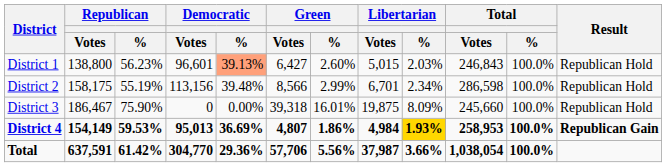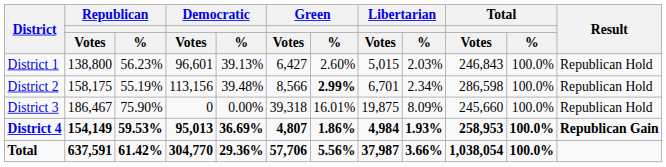 <table class="wikitable plainrowheaders sortable" style="font-size:100%; text-align:right;">
 <tr>
 <th scope=col rowspan=3><a href='#'>District</a></th>
 <th scope=col colspan=2><a href='#'>Republican</a></th>
 <th scope=col colspan=2><a href='#'>Democratic</a></th>
 <th scope=col colspan=2><a href='#'>Green</a></th>
 <th scope=col colspan=2><a href='#'>Libertarian</a></th>
 <th scope=col colspan=2>Total</th>
 <th scope=col rowspan=3>Result</th>
 </tr>
 <tr>
 <th scope=col colspan=2 style="background:"></th>
 <th scope=col colspan=2 style="background:"></th>
 <th scope=col colspan=2 style="background:"></th>
 <th scope=col colspan=2 style="background:"></th>
 <th scope=col colspan=2></th>
 </tr>
 <tr>
 <th scope=col data-sort-type="number">Votes</th>
 <th scope=col data-sort-type="number">%</th>
 <th scope=col data-sort-type="number">Votes</th>
 <th scope=col data-sort-type="number">%</th>
 <th scope=col data-sort-type="number">Votes</th>
 <th scope=col data-sort-type="number">%</th>
 <th scope=col data-sort-type="number">Votes</th>
 <th scope=col data-sort-type="number">%</th>
 <th scope=col data-sort-type="number">Votes</th>
 <th scope=col data-sort-type="number">%</th>
 </tr>
 <tr>
 <td align=left><a href='#'>District 1</a></td>
 <td>138,800</td>
 <td>56.23%</td>
 <td>96,601</td>
-<td style="background: lightsalmon;">39.13%</td>
+<td>39.13%</td>
 <td>6,427</td>
 <td>2.60%</td>
 <td>5,015</td>
 <td>2.03%</td>
 <td>246,843</td>
 <td>100.0%</td>
 <td align=left>Republican Hold</td>
 </tr>
 <tr>
 <td align=left><a href='#'>District 2</a></td>
 <td>158,175</td>
 <td>55.19%</td>
 <td>113,156</td>
 <td>39.48%</td>
 <td>8,566</td>
-<td>2.99%</td>
+<td><strong>2.99%</strong></td>
 <td>6,701</td>
 <td>2.34%</td>
 <td>286,598</td>
 <td>100.0%</td>
 <td align=left>Republican Hold</td>
 </tr>
 <tr>
 <td align=left><a href='#'>District 3</a></td>
 <td>186,467</td>
 <td>75.90%</td>
 <td>0</td>
 <td>0.00%</td>
 <td>39,318</td>
 <td>16.01%</td>
 <td>19,875</td>
 <td>8.09%</td>
 <td>245,660</td>
 <td>100.0%</td>
 <td align=left>Republican Hold</td>
 </tr>
 <tr>
 <td align=left><strong><a href='#'>District 4</a></strong></td>
 <td><strong>154,149</strong></td>
 <td><strong>59.53%</strong></td>
 <td><strong>95,013</strong></td>
 <td><strong>36.69%</strong></td>
 <td><strong>4,807</strong></td>
 <td><strong>1.86%</strong></td>
 <td><strong>4,984</strong></td>
-<td style="background: gold;"><strong>1.93%</strong></td>
+<td><strong>1.93%</strong></td>
 <td><strong>258,953</strong></td>
 <td><strong>100.0%</strong></td>
 <td align=left><strong>Republican Gain</strong></td>
 </tr>
 <tr class="sortbottom" style="font-weight:bold">
 <td align=left>Total</td>
 <td>637,591</td>
 <td>61.42%</td>
 <td>304,770</td>
 <td>29.36%</td>
 <td>57,706</td>
 <td>5.56%</td>
 <td>37,987</td>
 <td>3.66%</td>
 <td>1,038,054</td>
 <td>100.0%</td>
 <td></td>
 </tr>
 </table>
